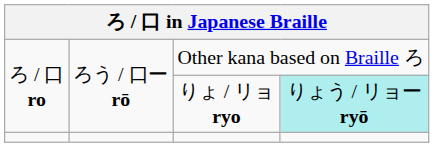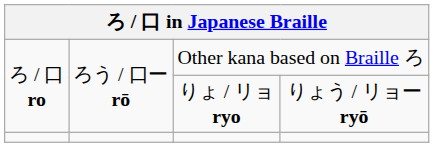 <table class="wikitable nowrap" style="text-align:center">
 <tr>
 <th colspan=4>ろ / 口 in <a href='#'>Japanese Braille</a></th>
 </tr>
 <tr>
 <td rowspan=2>ろ / 口 <br><strong>ro</strong></td>
 <td rowspan=2>ろう / 口ー <br><strong>rō</strong></td>
 <td colspan=2>Other kana based on <a href='#'>Braille</a> ろ</td>
 </tr>
 <tr>
 <td>りょ / リョ <br><strong>ryo</strong></td>
-<td style="background: paleturquoise;">りょう / リョー <br><strong>ryō</strong></td>
+<td>りょう / リョー <br><strong>ryō</strong></td>
 </tr>
 <tr>
 <td></td>
 <td></td>
 <td></td>
 <td></td>
 </tr>
 </table>
